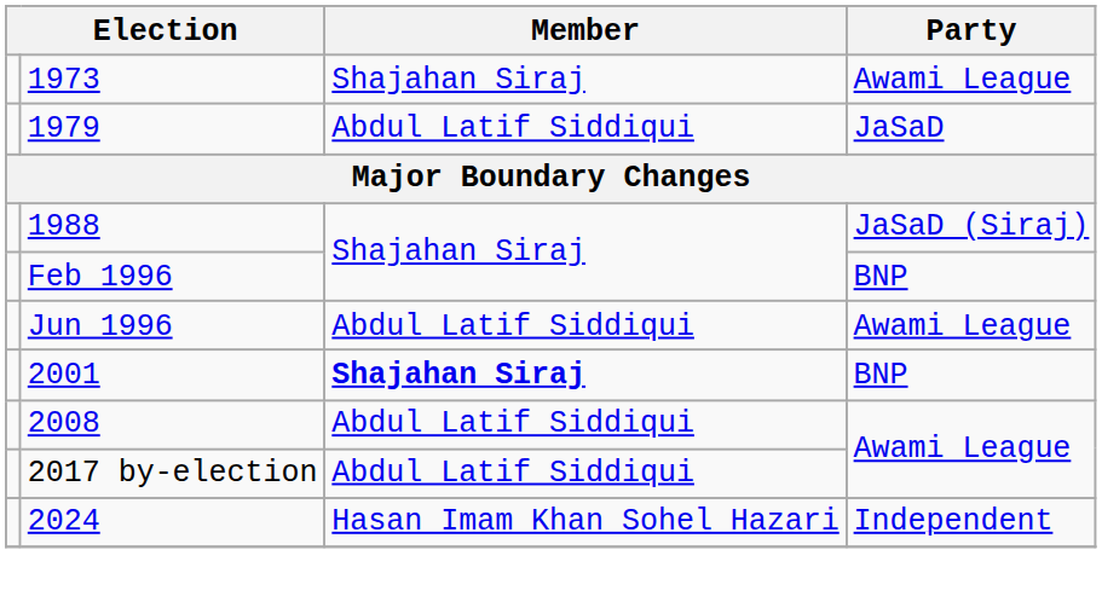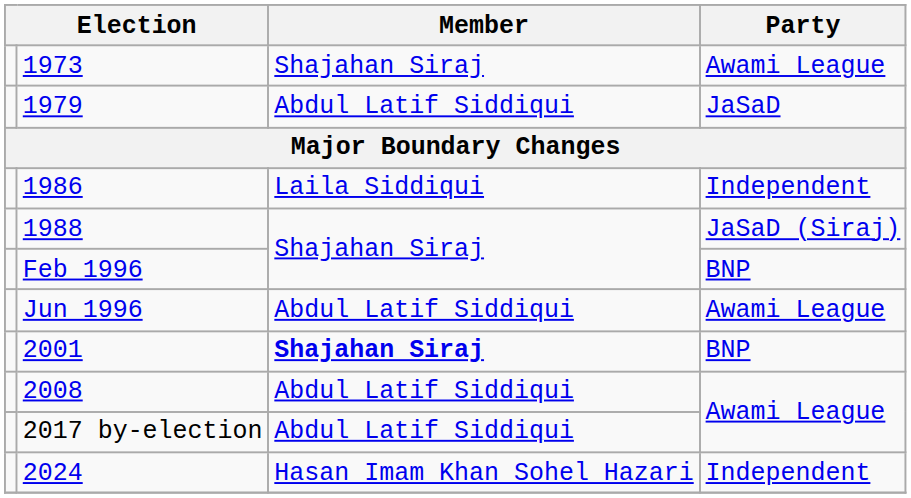 <table class="wikitable">
 <tr>
 <th colspan="2">Election</th>
 <th>Member</th>
 <th>Party</th>
 </tr>
 <tr>
 <td style="background-color:"></td>
 <td><a href='#'>1973</a></td>
 <td><a href='#'>Shajahan Siraj</a></td>
 <td><a href='#'>Awami League</a></td>
 </tr>
 <tr>
 <td style="background-color:"></td>
 <td><a href='#'>1979</a></td>
 <td><a href='#'>Abdul Latif Siddiqui</a></td>
 <td><a href='#'>JaSaD</a></td>
 </tr>
 <tr>
 <th colspan="4">Major Boundary Changes</th>
+</tr>
+<tr>
+<td style="background-color:"></td>
+<td><a href='#'>1986</a></td>
+<td><a href='#'>Laila Siddiqui</a></td>
+<td><a href='#'>Independent</a></td>
 </tr>
 <tr>
 <td style="background-color:"></td>
 <td><a href='#'>1988</a></td>
 <td rowspan="2"><a href='#'>Shajahan Siraj</a></td>
 <td><a href='#'>JaSaD (Siraj)</a></td>
 </tr>
 <tr>
 <td style="background-color:"></td>
 <td><a href='#'>Feb 1996</a></td>
 <td><a href='#'>BNP</a></td>
 </tr>
 <tr>
 <td style="background-color:"></td>
 <td><a href='#'>Jun 1996</a></td>
 <td><a href='#'>Abdul Latif Siddiqui</a></td>
 <td><a href='#'>Awami League</a></td>
 </tr>
 <tr>
 <td style="background-color:"></td>
 <td><a href='#'>2001</a></td>
 <td><strong><a href='#'>Shajahan Siraj</a></strong></td>
 <td><a href='#'>BNP</a></td>
 </tr>
 <tr>
 <td style="background-color:"></td>
 <td><a href='#'>2008</a></td>
 <td><a href='#'>Abdul Latif Siddiqui</a></td>
 <td rowspan="2"><a href='#'>Awami League</a></td>
 </tr>
 <tr>
 <td style="background-color:"></td>
 <td>2017 by-election</td>
 <td><a href='#'>Abdul Latif Siddiqui</a></td>
 </tr>
 <tr>
 <td style="background-color:"></td>
 <td><a href='#'>2024</a></td>
 <td><a href='#'>Hasan Imam Khan Sohel Hazari</a></td>
 <td><a href='#'>Independent</a></td>
 </tr>
 <tr>
 </tr>
 </table>
